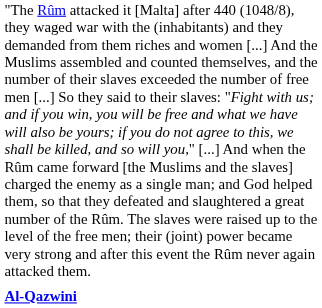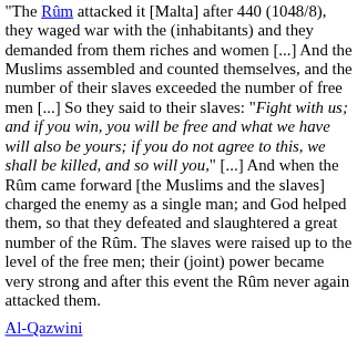 <table class="toccolours" style="float: right; margin-left: 1em; margin-right: 2em; font-size: 85%;  color:black; width:300px; max-width: 40%;" cellspacing="5">
 <tr>
 <td style="text-align: left;">"The <a href='#'>Rûm</a> attacked it [Malta] after 440 (1048/8), they waged war with the (inhabitants) and they demanded from them riches and women [...] And the Muslims assembled and counted themselves, and the number of their slaves exceeded the number of free men [...] So they said to their slaves: "<em>Fight with us; and if you win, you will be free and what we have will also be yours; if you do not agree to this, we shall be killed, and so will you,</em>" [...] And when the Rûm came forward [the Muslims and the slaves] charged the enemy as a single man; and God helped them, so that they defeated and slaughtered a great number of the Rûm. The slaves were raised up to the level of the free men; their (joint) power became very strong and after this event the Rûm never again attacked them.</td>
 </tr>
 <tr>
-<td style="text-align: left;"><strong><a href='#'>Al-Qazwini</a></strong></td>
+<td style="text-align: left;"><a href='#'>Al-Qazwini</a></td>
 </tr>
 </table>
